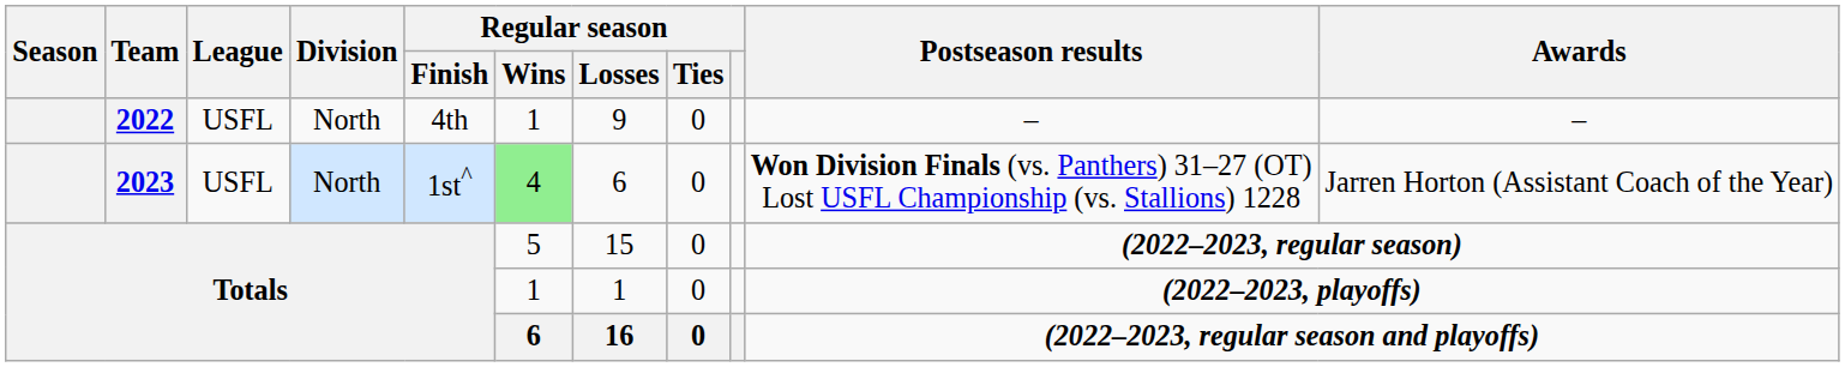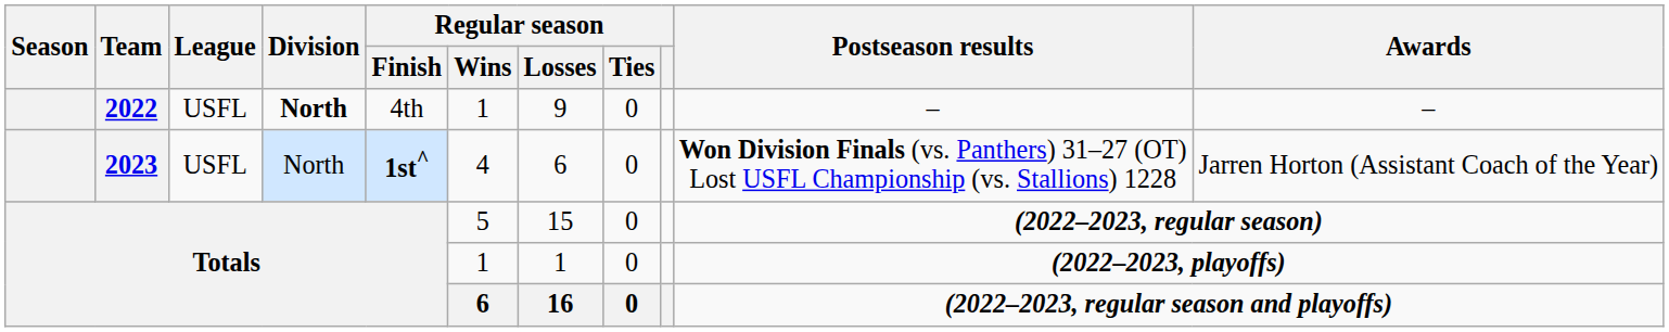 <table class="wikitable" style="text-align:center;">
 <tr>
 <th rowspan="2">Season</th>
 <th rowspan="2">Team</th>
 <th rowspan="2">League</th>
 <th rowspan="2">Division</th>
 <th colspan="5">Regular season</th>
 <th rowspan="2">Postseason results</th>
 <th rowspan="2">Awards</th>
 </tr>
 <tr>
 <th>Finish</th>
 <th>Wins</th>
 <th>Losses</th>
 <th>Ties</th>
 <th></th>
 </tr>
 <tr>
 <th></th>
 <th><a href='#'>2022</a></th>
 <td>USFL</td>
-<td>North</td>
+<td><strong>North</strong></td>
 <td>4th</td>
 <td>1</td>
 <td>9</td>
 <td>0</td>
 <td></td>
 <td>–</td>
 <td>–</td>
 </tr>
 <tr>
 <th></th>
 <th><a href='#'>2023</a></th>
 <td>USFL</td>
 <td style="background:#d0e7ff;">North</td>
-<td style="background:#d0e7ff;">1st<sup>^</sup></td>
-<td style="background: lightgreen;">4</td>
+<td style="background:#d0e7ff;"><strong>1st<sup>^</sup></strong></td>
+<td>4</td>
 <td>6</td>
 <td>0</td>
 <td></td>
 <td><strong>Won Division Finals</strong> (vs. <a href='#'>Panthers</a>) 31–27 (OT)<br>Lost <a href='#'>USFL Championship</a> (vs. <a href='#'>Stallions</a>) 1228</td>
 <td>Jarren Horton (Assistant Coach of the Year)</td>
 </tr>
 <tr>
 <th rowspan="3" colspan="5">Totals</th>
 <td>5</td>
 <td>15</td>
 <td>0</td>
 <td></td>
 <td colspan="4"><strong><em>(2022–2023, regular season)</em></strong></td>
 </tr>
 <tr>
 <td>1</td>
 <td>1</td>
 <td>0</td>
 <td></td>
 <td colspan="4"><strong><em>(2022–2023, playoffs)</em></strong></td>
 </tr>
 <tr>
 <th>6</th>
 <th>16</th>
 <th>0</th>
 <th></th>
 <td colspan="4"><strong><em>(2022–2023, regular season and playoffs)</em></strong></td>
 </tr>
 </table>
